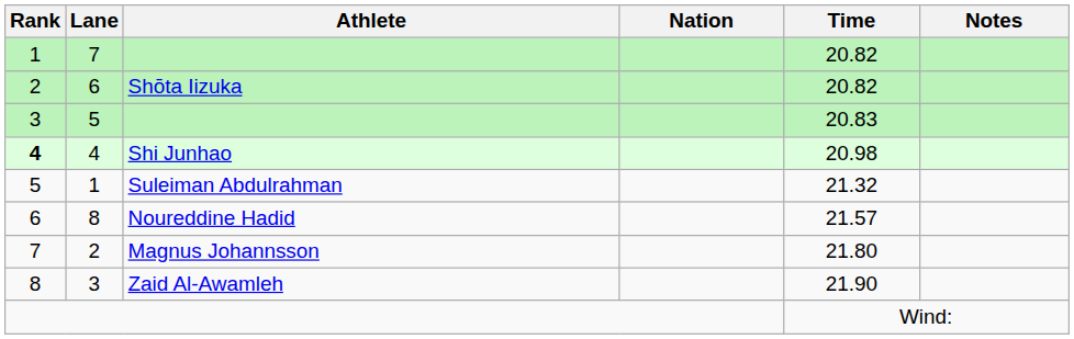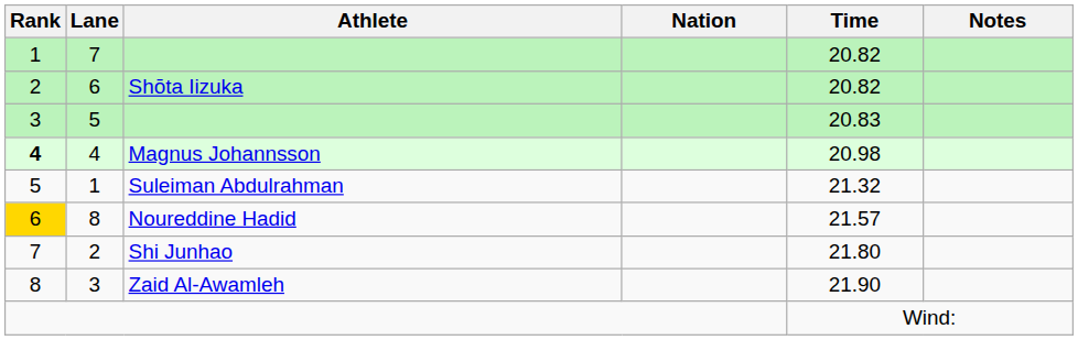 <table class="wikitable sortable" style="text-align:center;width: 65%;">
 <tr>
 <th scope="col" style="width: 10px;">Rank</th>
 <th scope="col" style="width: 10px;">Lane</th>
 <th scope="col">Athlete</th>
 <th scope="col">Nation</th>
 <th scope="col">Time</th>
 <th scope="col">Notes</th>
 </tr>
 <tr bgcolor=bbf3bb>
 <td>1</td>
 <td>7</td>
 <td align="left"></td>
 <td align="left"></td>
 <td>20.82 </td>
 <td></td>
 </tr>
 <tr bgcolor=bbf3bb>
 <td>2</td>
 <td>6</td>
 <td align="left"><a href='#'>Shōta Iizuka</a></td>
 <td align="left"></td>
 <td>20.82 </td>
 <td></td>
 </tr>
 <tr bgcolor=bbf3bb>
 <td>3</td>
 <td>5</td>
 <td align="left"></td>
 <td align="left"></td>
 <td>20.83</td>
 <td></td>
 </tr>
 <tr bgcolor=ddffdd>
 <td><strong>4</strong></td>
 <td>4</td>
-<td align="left"><a href='#'>Shi Junhao</a></td>
+<td align="left"><a href='#'>Magnus Johannsson</a></td>
 <td align="left"></td>
 <td>20.98</td>
 <td></td>
 </tr>
 <tr>
 <td>5</td>
 <td>1</td>
 <td align="left"><a href='#'>Suleiman Abdulrahman</a></td>
 <td align="left"></td>
 <td>21.32</td>
 <td></td>
 </tr>
 <tr>
-<td>6</td>
+<td style="background: gold;">6</td>
 <td>8</td>
 <td align="left"><a href='#'>Noureddine Hadid</a></td>
 <td align="left"></td>
 <td>21.57</td>
 <td></td>
 </tr>
 <tr>
 <td>7</td>
 <td>2</td>
-<td align="left"><a href='#'>Magnus Johannsson</a></td>
+<td align="left"><a href='#'>Shi Junhao</a></td>
 <td align="left"></td>
 <td>21.80</td>
 <td></td>
 </tr>
 <tr>
 <td>8</td>
 <td>3</td>
 <td align="left"><a href='#'>Zaid Al-Awamleh</a></td>
 <td align="left"></td>
 <td>21.90</td>
 <td></td>
 </tr>
 <tr class="sortbottom">
 <td colspan="4"></td>
 <td colspan="2">Wind: </td>
 </tr>
 </table>
